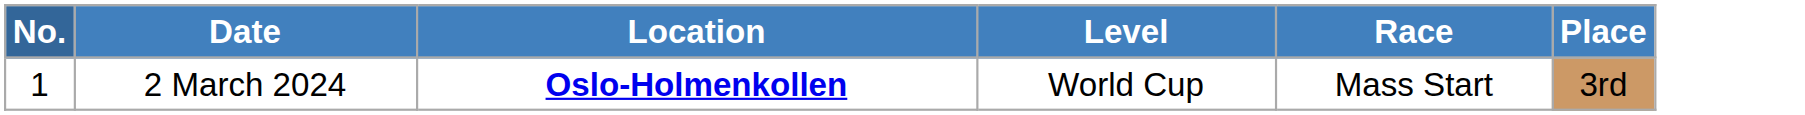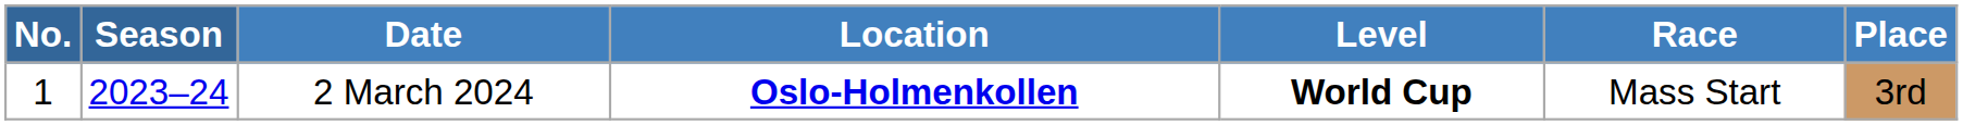 <table class="wikitable sortable" style="font-size:95%; text-align:center; border:grey solid 1px; border-collapse:collapse; background:#ffffff;">
 <tr style="background:#efefef;">
 <th style="background-color:#369; color:white;">No.</th>
+<th style="background-color:#369; color:white;">Season</th>
 <th style="background-color:#4180be; color:white; width:150px;">Date</th>
 <th style="background-color:#4180be; color:white; width:250px;">Location</th>
 <th style="background-color:#4180be; color:white; width:130px;">Level</th>
 <th style="background-color:#4180be; color:white; width:120px;">Race</th>
 <th style="background-color:#4180be; color:white;">Place</th>
 </tr>
 <tr>
 <td align=center>1</td>
+<td rowspan="1" align="center"><a href='#'>2023–24</a></td>
 <td>2 March 2024</td>
 <td><strong> <a href='#'>Oslo-Holmenkollen</a></strong></td>
-<td>World Cup</td>
+<td><strong>World Cup</strong></td>
 <td>Mass Start</td>
 <td align=center bgcolor="cc9966">3rd</td>
 </tr>
 </table>
